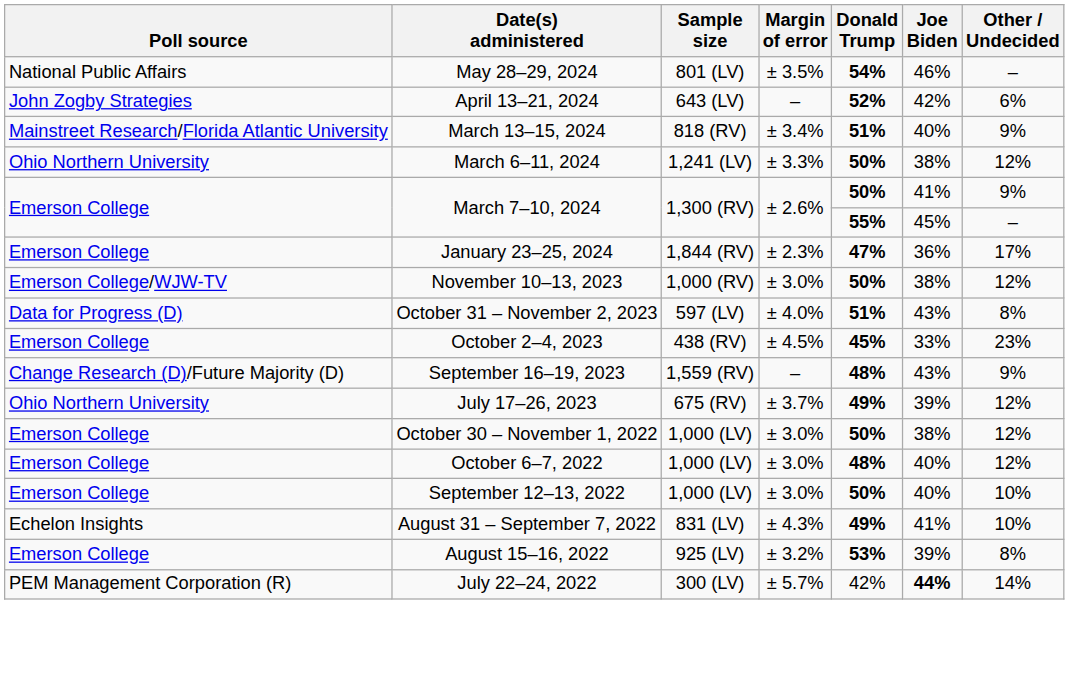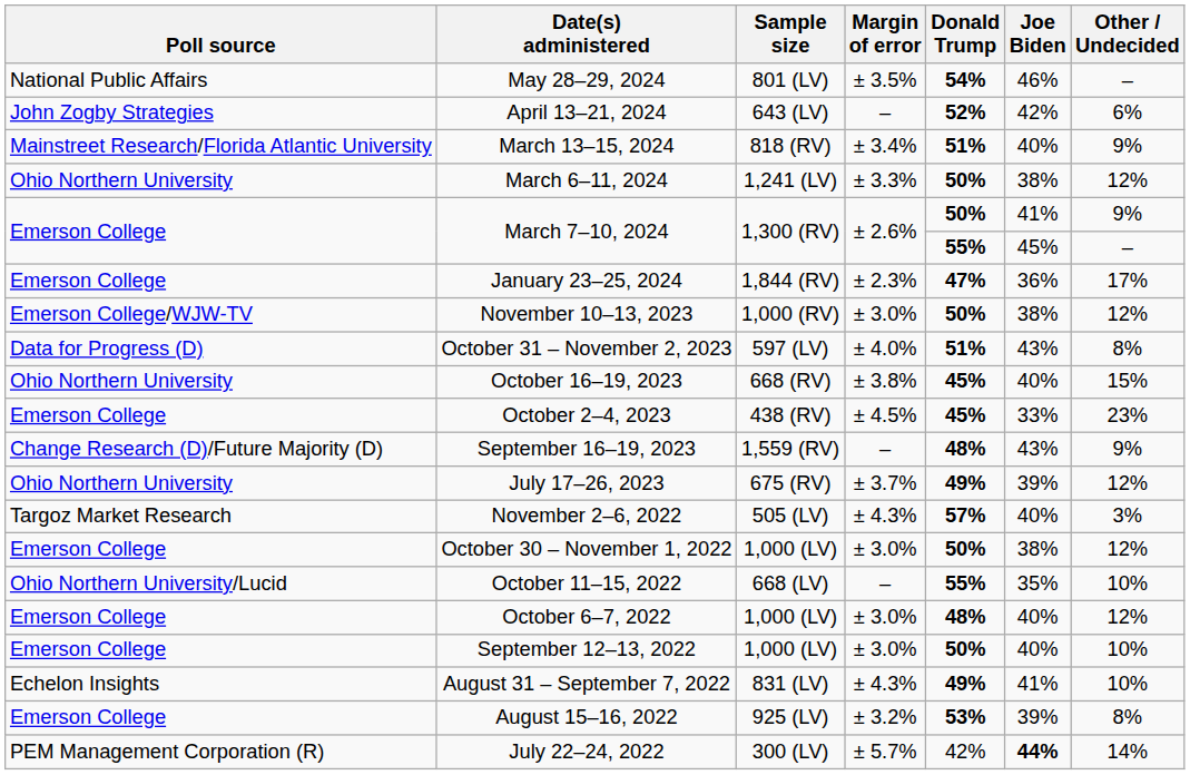 <table class="wikitable sortable mw-datatable" style="font-size:90%;text-align:center;line-height:17px">
 <tr valign=bottom>
 <th>Poll source</th>
 <th>Date(s)<br>administered</th>
 <th>Sample<br>size</th>
 <th>Margin<br>of error</th>
 <th class="unsortable">Donald<br>Trump<br></th>
 <th class="unsortable">Joe<br>Biden<br></th>
 <th class="unsortable">Other /<br>Undecided</th>
 </tr>
 <tr>
 <td style="text-align:left;">National Public Affairs</td>
 <td data-sort-value=2024-06-05>May 28–29, 2024</td>
 <td>801 (LV)</td>
 <td>± 3.5%</td>
 <td style="background-color:"><strong>54%</strong></td>
 <td>46%</td>
 <td>–</td>
 </tr>
 <tr>
 <td style="text-align:left;"><a href='#'>John Zogby Strategies</a></td>
 <td data-sort-value="2024-05-01">April 13–21, 2024</td>
 <td>643 (LV)</td>
 <td>–</td>
 <td style="background-color:"><strong>52%</strong></td>
 <td>42%</td>
 <td>6%</td>
 </tr>
 <tr>
 <td style="text-align:left;"><a href='#'>Mainstreet Research</a>/<a href='#'>Florida Atlantic University</a></td>
 <td data-sort-value=2024-03-16>March 13–15, 2024</td>
 <td>818 (RV)</td>
 <td>± 3.4%</td>
 <td style="background-color:"><strong>51%</strong></td>
 <td>40%</td>
 <td>9%</td>
 </tr>
 <tr>
 <td style="text-align:left;"><a href='#'>Ohio Northern University</a><br></td>
 <td data-sort-value="2024-03-13">March 6–11, 2024</td>
 <td>1,241 (LV)</td>
 <td>± 3.3%</td>
 <td style="background-color:"><strong>50%</strong></td>
 <td>38%</td>
 <td>12%</td>
 </tr>
 <tr>
 <td style="text-align:left;" rowspan="2"><a href='#'>Emerson College</a></td>
 <td rowspan="2">March 7–10, 2024</td>
 <td rowspan="2">1,300 (RV)</td>
 <td rowspan="2">± 2.6%</td>
 <td style="background-color:"><strong>50%</strong></td>
 <td>41%</td>
 <td>9%</td>
 </tr>
 <tr>
 <td style="background-color:"><strong>55%</strong></td>
 <td>45%</td>
 <td>–</td>
 </tr>
 <tr>
 <td style="text-align:left;"><a href='#'>Emerson College</a></td>
 <td data-sort-value="2024-02-01">January 23–25, 2024</td>
 <td>1,844 (RV)</td>
 <td>± 2.3%</td>
 <td style="background-color:"><strong>47%</strong></td>
 <td>36%</td>
 <td>17%</td>
 </tr>
 <tr>
 <td style="text-align:left;"><a href='#'>Emerson College</a>/<a href='#'>WJW-TV</a></td>
 <td data-sort-value="2023-11-13">November 10–13, 2023</td>
 <td>1,000 (RV)</td>
 <td>± 3.0%</td>
 <td style="background-color:"><strong>50%</strong></td>
 <td>38%</td>
 <td>12%</td>
 </tr>
 <tr>
 <td style="text-align:left;"><a href='#'>Data for Progress (D)</a></td>
 <td data-sort-value="2023-11-09">October 31 – November 2, 2023</td>
 <td>597 (LV)</td>
 <td>± 4.0%</td>
 <td style="background-color:"><strong>51%</strong></td>
 <td>43%</td>
 <td>8%</td>
 </tr>
 <tr>
+<td style="text-align:left;"><a href='#'>Ohio Northern University</a></td>
+<td data-sort-value="2023-10-30">October 16–19, 2023</td>
+<td>668 (RV)</td>
+<td>± 3.8%</td>
+<td style="background-color:"><strong>45%</strong></td>
+<td>40%</td>
+<td>15%</td>
+</tr>
+<tr>
 <td style="text-align:left;"><a href='#'>Emerson College</a></td>
 <td data-sort-value="2023-10-10">October 2–4, 2023</td>
 <td>438 (RV)</td>
 <td>± 4.5%</td>
 <td style="background-color:"><strong>45%</strong></td>
 <td>33%</td>
 <td>23%</td>
 </tr>
 <tr>
 <td style="text-align:left;"><a href='#'>Change Research (D)</a>/Future Majority (D)</td>
 <td>September 16–19, 2023</td>
 <td>1,559 (RV)</td>
 <td>–</td>
 <td style="background-color:"><strong>48%</strong></td>
 <td>43%</td>
 <td>9%</td>
 </tr>
 <tr>
 <td style="text-align:left;"><a href='#'>Ohio Northern University</a></td>
 <td data-sort-value="2023-07-26">July 17–26, 2023</td>
 <td>675 (RV)</td>
 <td>± 3.7%</td>
 <td style="background-color:"><strong>49%</strong></td>
 <td>39%</td>
 <td>12%</td>
 </tr>
 <tr>
+<td style="text-align:left;">Targoz Market Research</td>
+<td data-sort-value="2022-11-06">November 2–6, 2022</td>
+<td>505 (LV)</td>
+<td>± 4.3%</td>
+<td style="background-color:"><strong>57%</strong></td>
+<td>40%</td>
+<td>3%</td>
+</tr>
+<tr>
 <td style="text-align:left;"><a href='#'>Emerson College</a></td>
 <td data-sort-value="2022-11-01">October 30 – November 1, 2022</td>
 <td>1,000 (LV)</td>
 <td>± 3.0%</td>
 <td style="background-color:"><strong>50%</strong></td>
 <td>38%</td>
 <td>12%</td>
+</tr>
+<tr>
+<td style="text-align:left;"><a href='#'>Ohio Northern University</a>/Lucid</td>
+<td data-sort-value="2022-10-15">October 11–15, 2022</td>
+<td>668 (LV)</td>
+<td>–</td>
+<td style="background-color:"><strong>55%</strong></td>
+<td>35%</td>
+<td>10%</td>
 </tr>
 <tr>
 <td style="text-align:left;"><a href='#'>Emerson College</a></td>
 <td data-sort-value="2022-10-07">October 6–7, 2022</td>
 <td>1,000 (LV)</td>
 <td>± 3.0%</td>
 <td style="background-color:"><strong>48%</strong></td>
 <td>40%</td>
 <td>12%</td>
 </tr>
 <tr>
 <td style="text-align:left;"><a href='#'>Emerson College</a></td>
 <td data-sort-value="2022-09-13">September 12–13, 2022</td>
 <td>1,000 (LV)</td>
 <td>± 3.0%</td>
 <td style="background-color:"><strong>50%</strong></td>
 <td>40%</td>
 <td>10%</td>
 </tr>
 <tr>
 <td style="text-align:left;">Echelon Insights</td>
 <td data-sort-value="2022-09-07">August 31 – September 7, 2022</td>
 <td>831 (LV)</td>
 <td>± 4.3%</td>
 <td style="background-color:"><strong>49%</strong></td>
 <td>41%</td>
 <td>10%</td>
 </tr>
 <tr>
 <td style="text-align:left;"><a href='#'>Emerson College</a></td>
 <td data-sort-value="2022-08-16">August 15–16, 2022</td>
 <td>925 (LV)</td>
 <td>± 3.2%</td>
 <td style="background-color:"><strong>53%</strong></td>
 <td>39%</td>
 <td>8%</td>
 </tr>
 <tr>
 <td style="text-align:left;">PEM Management Corporation (R)</td>
 <td data-sort-value="2022-07-24">July 22–24, 2022</td>
 <td>300 (LV)</td>
 <td>± 5.7%</td>
 <td>42%</td>
 <td style="color:black;background-color:"><strong>44%</strong></td>
 <td>14%</td>
 </tr>
 </table>
